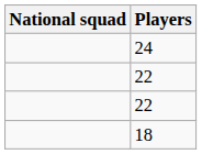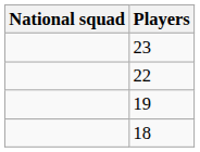 <table class="wikitable sortable">
 <tr>
 <th>National squad</th>
 <th>Players</th>
 </tr>
 <tr>
 <td></td>
-<td>24</td>
+<td>23</td>
 </tr>
 <tr>
 <td></td>
 <td>22</td>
 </tr>
 <tr>
 <td></td>
-<td>22</td>
+<td>19</td>
 </tr>
 <tr>
 <td></td>
 <td>18</td>
 </tr>
 </table>
